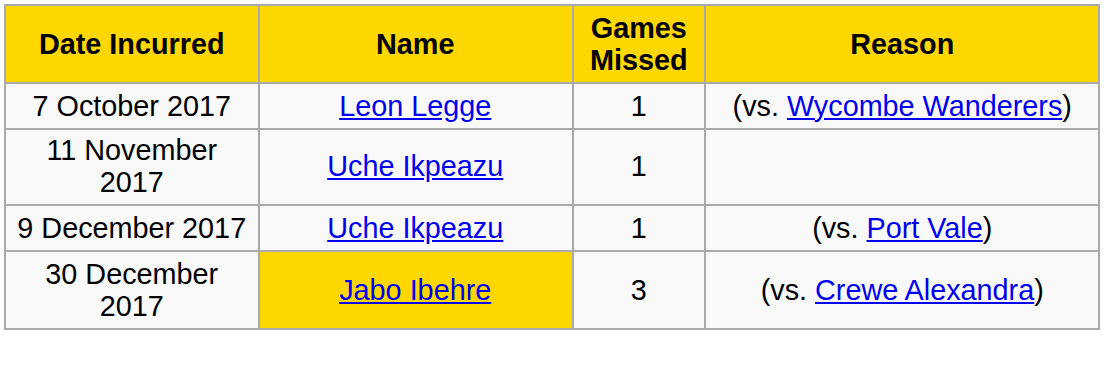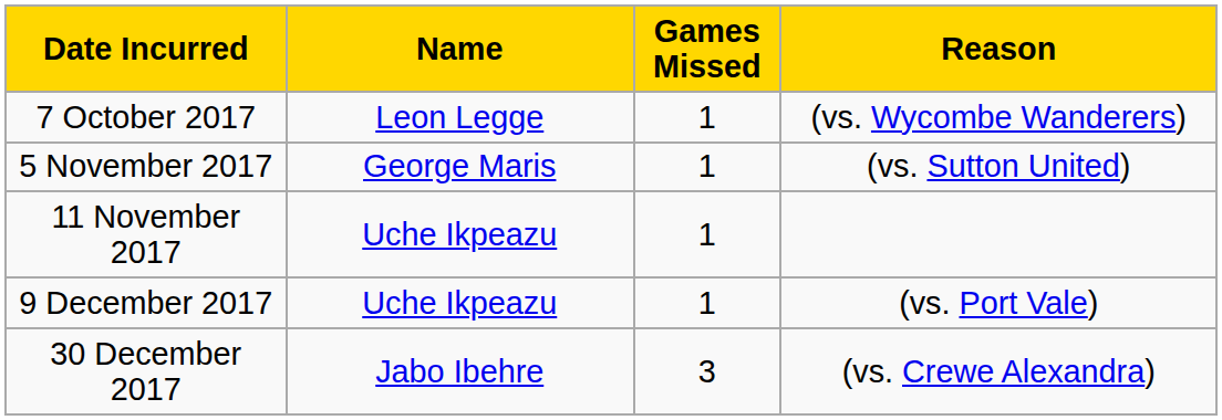 <table class="wikitable" style="font-size: 90%; text-align: center;">
 <tr>
 <th style="background:#FFD700; color:black; width:120px">Date Incurred</th>
 <th style="background:#FFD700; color:black; width:150px">Name</th>
 <th style="background:#FFD700; color:black; width:60px">Games Missed</th>
 <th style="background:#FFD700; color:black; width:190px">Reason</th>
 </tr>
 <tr>
 <td>7 October 2017</td>
 <td><a href='#'>Leon Legge</a></td>
 <td>1</td>
 <td> (vs. <a href='#'>Wycombe Wanderers</a>)</td>
+</tr>
+<tr>
+<td>5 November 2017</td>
+<td><a href='#'>George Maris</a></td>
+<td>1</td>
+<td> (vs. <a href='#'>Sutton United</a>)</td>
 </tr>
 <tr>
 <td>11 November 2017</td>
 <td><a href='#'>Uche Ikpeazu</a></td>
 <td>1</td>
 <td></td>
 </tr>
 <tr>
 </tr>
 <tr>
 <td>9 December 2017</td>
 <td><a href='#'>Uche Ikpeazu</a></td>
 <td>1</td>
 <td> (vs. <a href='#'>Port Vale</a>)</td>
 </tr>
 <tr>
 <td>30 December 2017</td>
-<td style="background: gold;"><a href='#'>Jabo Ibehre</a></td>
+<td><a href='#'>Jabo Ibehre</a></td>
 <td>3</td>
 <td> (vs. <a href='#'>Crewe Alexandra</a>)</td>
 </tr>
 <tr>
 </tr>
 </table>
